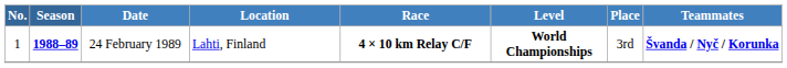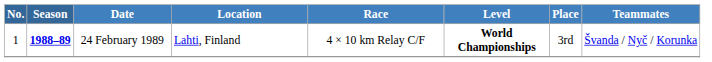 <table class="wikitable sortable" style="font-size:95%; text-align:center; border:grey solid 1px; border-collapse:collapse; background:#ffffff;">
 <tr style="background:#efefef;">
 <th style="background-color:#369; color:white;">No.</th>
 <th style="background-color:#369; color:white;">Season</th>
 <th style="background-color:#4180be; color:white; width:120px;">Date</th>
 <th style="background-color:#4180be; color:white; width:170px;">Location</th>
 <th style="background-color:#4180be; color:white; width:170px;">Race</th>
 <th style="background-color:#4180be; color:white; width:130px;">Level</th>
 <th style="background-color:#4180be; color:white;">Place</th>
 <th style="background-color:#4180be; color:white;">Teammates</th>
 </tr>
 <tr>
 <td align=center>1</td>
 <td rowspan=1 align=center><strong><a href='#'>1988–89</a></strong></td>
 <td>24 February 1989</td>
 <td align=left> <a href='#'>Lahti</a>, Finland</td>
-<td><strong>4 × 10 km Relay C/F</strong></td>
+<td>4 × 10 km Relay C/F</td>
 <td><strong>World Championships</strong></td>
 <td>3rd</td>
-<td><strong><a href='#'>Švanda</a> / <a href='#'>Nyč</a> / <a href='#'>Korunka</a></strong></td>
+<td><a href='#'>Švanda</a> / <a href='#'>Nyč</a> / <a href='#'>Korunka</a></td>
 </tr>
 <tr>
 </tr>
 </table>
